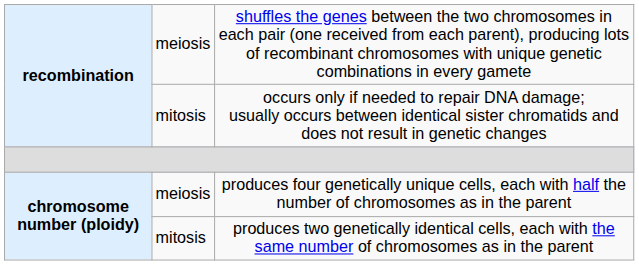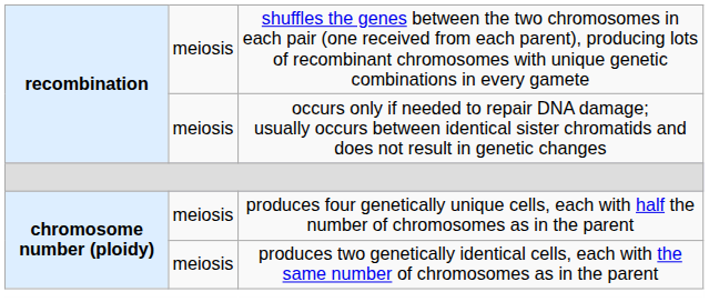 <table class="wikitable" style="margin: 1em auto 1em auto">
 <tr>
 <th rowspan=2 style="background: #DDEEFF;">recombination</th>
 <td>meiosis</td>
 <td align="center"><a href='#'>shuffles the genes</a> between the two chromosomes in each pair (one received from each parent), producing lots of recombinant chromosomes with unique genetic combinations in every gamete</td>
 </tr>
 <tr>
-<td>mitosis</td>
+<td>meiosis</td>
 <td align="center">occurs only if needed to repair DNA damage;<br>usually occurs between identical sister chromatids and does not result in genetic changes</td>
 </tr>
 <tr bgcolor=#ccccff>
 <th colspan=3  style="background:#dddddd;"> </th>
 </tr>
 <tr>
 <th rowspan=2 style="background: #DDEEFF;">chromosome number (ploidy)</th>
 <td>meiosis</td>
 <td align="center">produces four genetically unique cells, each with <a href='#'>half</a> the number of chromosomes as in the parent</td>
 </tr>
 <tr>
-<td>mitosis</td>
+<td>meiosis</td>
 <td align="center">produces two genetically identical cells, each with <a href='#'>the same number</a> of chromosomes as in the parent</td>
 </tr>
 <tr>
 <td colspan=12 style="background: #FFFFFF; border-right:1px solid white; border-bottom:1px solid white; border-left:1px solid white;"></td>
 </tr>
 </table>
